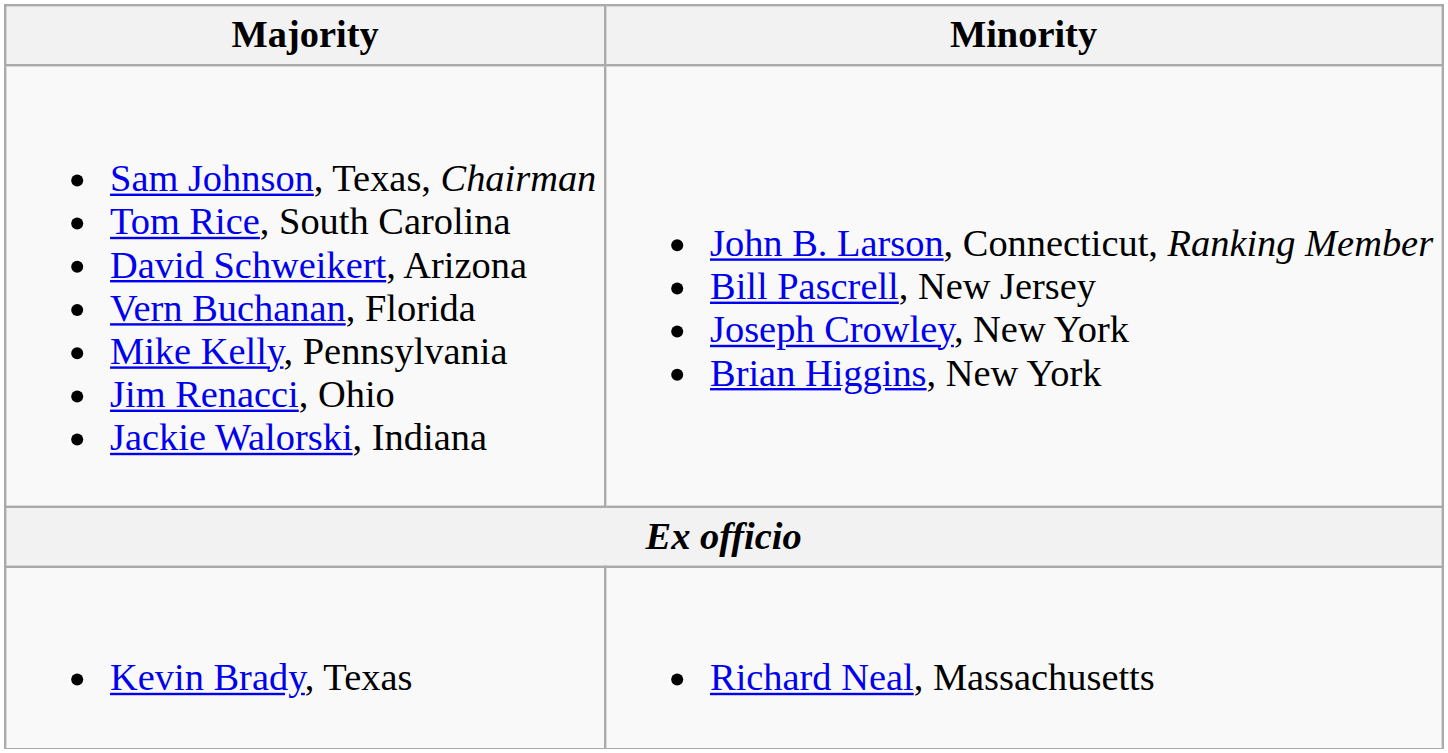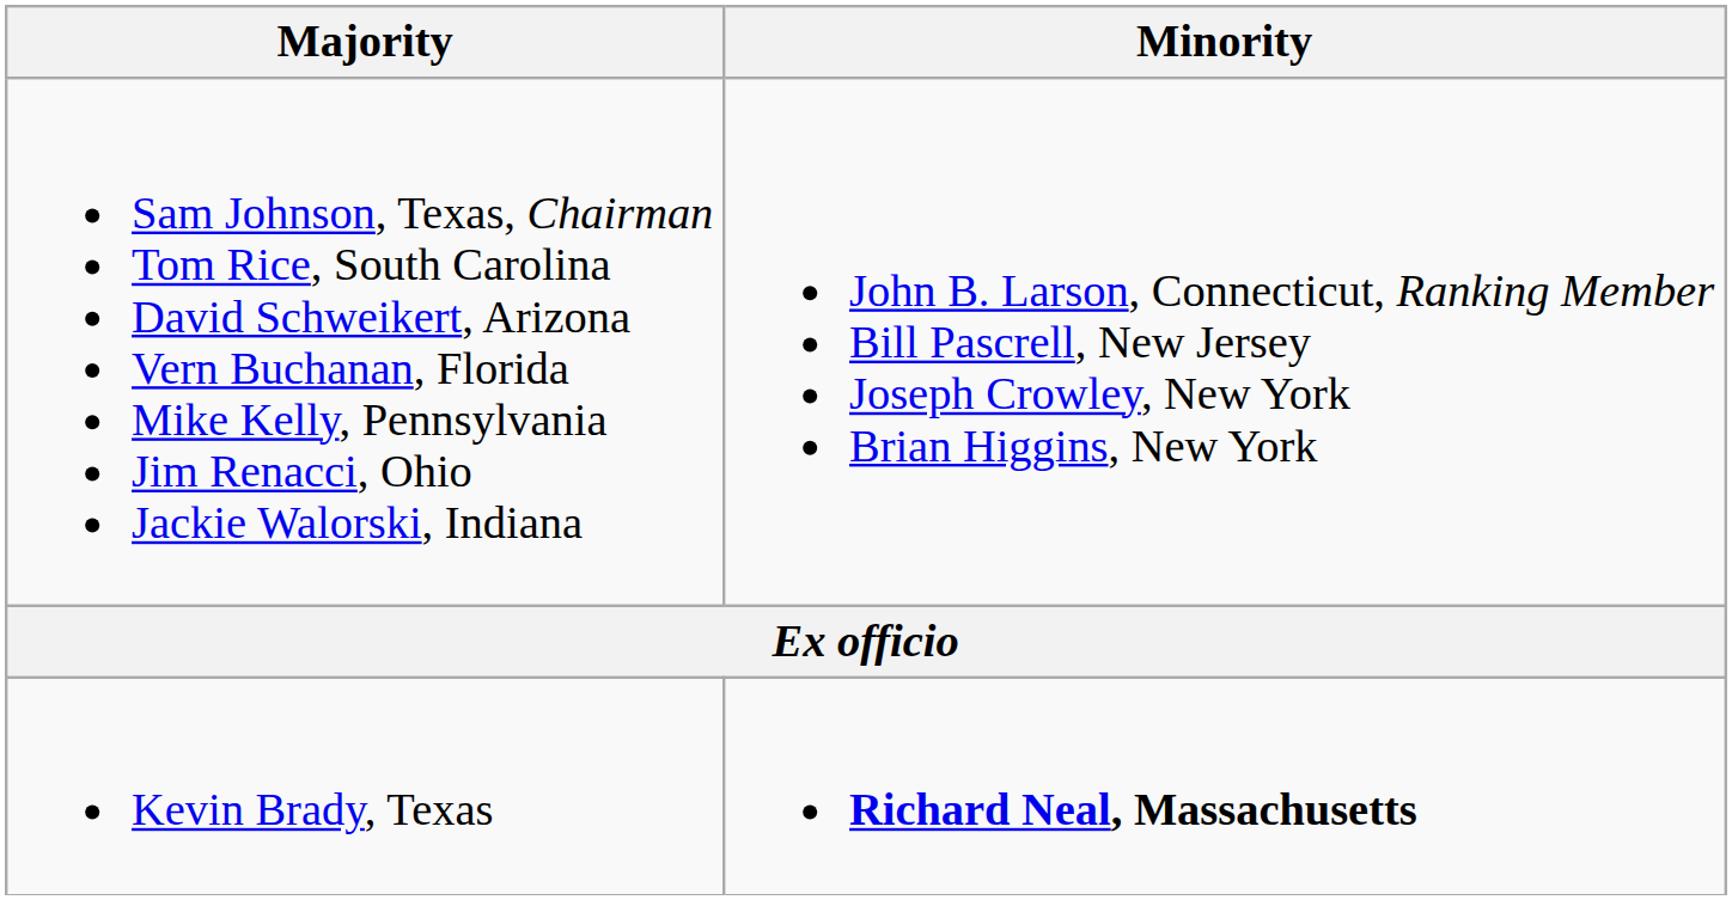 <table class=wikitable>
 <tr>
 <th>Majority</th>
 <th>Minority</th>
 </tr>
 <tr>
 <td><br><ul><li><a href='#'>Sam Johnson</a>, Texas, <em>Chairman</em></li><li><a href='#'>Tom Rice</a>, South Carolina</li><li><a href='#'>David Schweikert</a>, Arizona</li><li><a href='#'>Vern Buchanan</a>, Florida</li><li><a href='#'>Mike Kelly</a>, Pennsylvania</li><li><a href='#'>Jim Renacci</a>, Ohio</li><li><a href='#'>Jackie Walorski</a>, Indiana</li></ul></td>
 <td><br><ul><li><a href='#'>John B. Larson</a>, Connecticut, <em>Ranking Member</em></li><li><a href='#'>Bill Pascrell</a>, New Jersey</li><li><a href='#'>Joseph Crowley</a>, New York</li><li><a href='#'>Brian Higgins</a>, New York</li></ul></td>
 </tr>
 <tr>
 <th colspan=2><em>Ex officio</em></th>
 </tr>
 <tr>
 <td><br><ul><li><a href='#'>Kevin Brady</a>, Texas</li></ul></td>
-<td><br><ul><li><a href='#'>Richard Neal</a>, Massachusetts</li></ul></td>
+<td><strong><br><ul><li><a href='#'>Richard Neal</a>, Massachusetts</li></ul></strong></td>
 </tr>
 </table>
